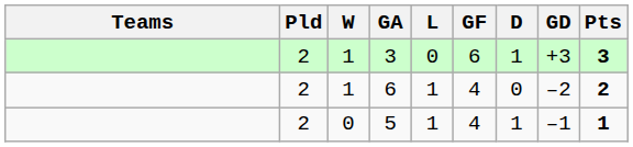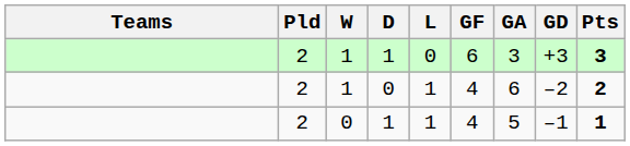 <table class="wikitable" style="text-align: center;">
 <tr>
 <th width=165>Teams</th>
 <th width=20>Pld</th>
 <th width=20>W</th>
-<th width=20>GA</th>
+<th width=20>D</th>
 <th width=20>L</th>
 <th width=20>GF</th>
-<th width=20>D</th>
+<th width=20>GA</th>
 <th width=20>GD</th>
 <th width=20>Pts</th>
 </tr>
 <tr align=center style="background:#ccffcc;">
 <td style="text-align:left;"></td>
 <td>2</td>
 <td>1</td>
-<td>3</td>
+<td>1</td>
 <td>0</td>
 <td>6</td>
-<td>1</td>
+<td>3</td>
 <td>+3</td>
 <td><strong>3</strong></td>
 </tr>
 <tr align=center>
 <td style="text-align:left;"></td>
 <td>2</td>
 <td>1</td>
-<td>6</td>
+<td>0</td>
 <td>1</td>
 <td>4</td>
-<td>0</td>
+<td>6</td>
 <td>–2</td>
 <td><strong>2</strong></td>
 </tr>
 <tr align=center>
 <td style="text-align:left;"></td>
 <td>2</td>
 <td>0</td>
-<td>5</td>
+<td>1</td>
 <td>1</td>
 <td>4</td>
-<td>1</td>
+<td>5</td>
 <td>–1</td>
 <td><strong>1</strong></td>
 </tr>
 </table>
